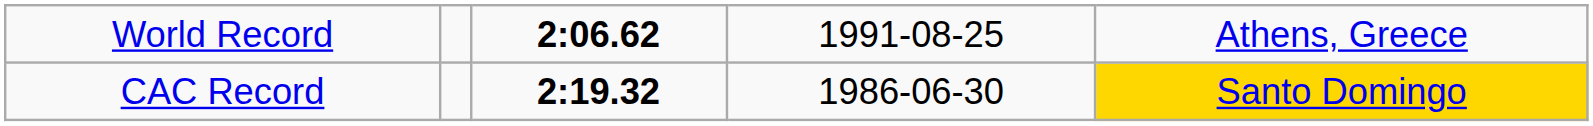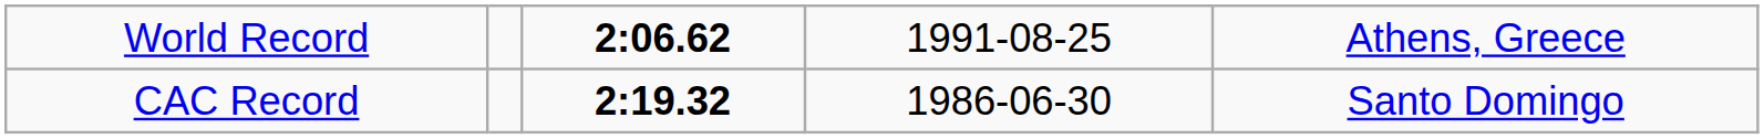 <table class="wikitable" style=" text-align:center; font-size:95%;" width="75%">
 <tr>
 <td><a href='#'>World Record</a></td>
 <td></td>
 <td><strong>2:06.62</strong></td>
 <td>1991-08-25</td>
 <td> <a href='#'>Athens, Greece</a></td>
 </tr>
 <tr>
 <td><a href='#'>CAC Record</a></td>
 <td></td>
 <td><strong>2:19.32</strong></td>
 <td>1986-06-30</td>
-<td style="background: gold;"> <a href='#'>Santo Domingo</a></td>
+<td> <a href='#'>Santo Domingo</a></td>
 </tr>
 </table>
